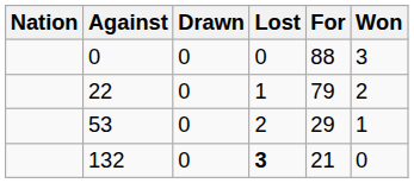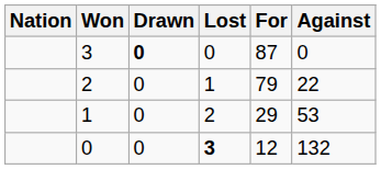 <table class="wikitable">
 <tr>
 <th>Nation</th>
-<th>Against</th>
+<th>Won</th>
 <th>Drawn</th>
 <th>Lost</th>
 <th>For</th>
-<th>Won</th>
+<th>Against</th>
+</tr>
+<tr>
+<td></td>
+<td>3</td>
+<td><strong>0</strong></td>
+<td>0</td>
+<td>87</td>
+<td>0</td>
+</tr>
+<tr>
+<td></td>
+<td>2</td>
+<td>0</td>
+<td>1</td>
+<td>79</td>
+<td>22</td>
+</tr>
+<tr>
+<td></td>
+<td>1</td>
+<td>0</td>
+<td>2</td>
+<td>29</td>
+<td>53</td>
 </tr>
 <tr>
 <td></td>
 <td>0</td>
 <td>0</td>
-<td>0</td>
-<td>88</td>
-<td>3</td>
-</tr>
-<tr>
-<td></td>
-<td>22</td>
-<td>0</td>
-<td>1</td>
-<td>79</td>
-<td>2</td>
-</tr>
-<tr>
-<td></td>
-<td>53</td>
-<td>0</td>
-<td>2</td>
-<td>29</td>
-<td>1</td>
-</tr>
-<tr>
-<td></td>
+<td><strong>3</strong></td>
+<td>12</td>
 <td>132</td>
-<td>0</td>
-<td><strong>3</strong></td>
-<td>21</td>
-<td>0</td>
 </tr>
 </table>
